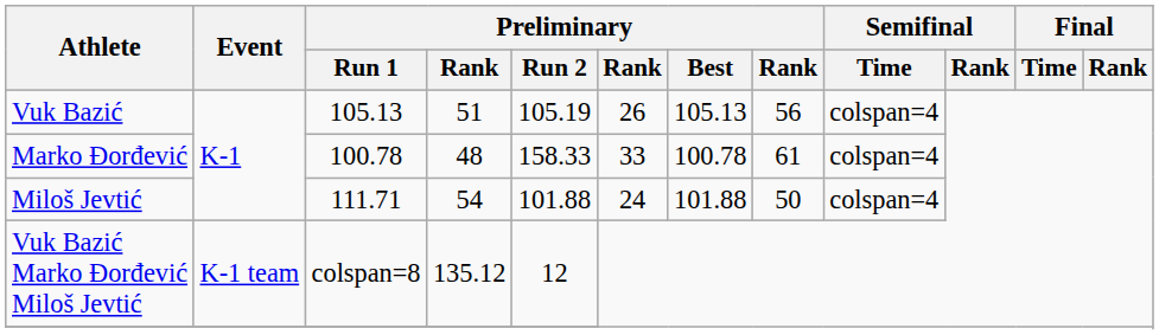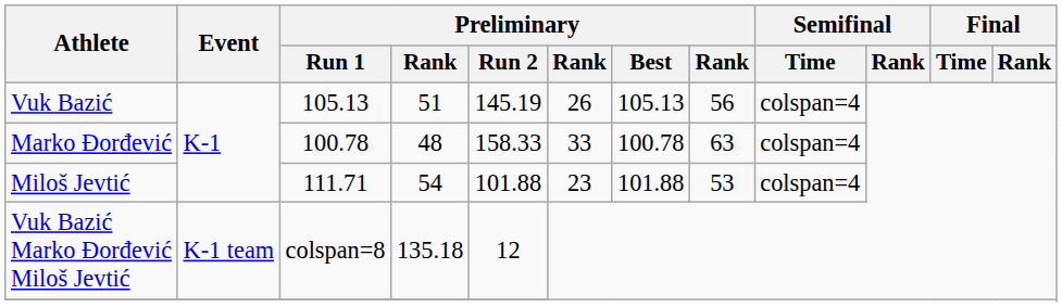 <table class=wikitable style=font-size:90%;text-align:center>
 <tr>
 <th rowspan=2>Athlete</th>
 <th rowspan=2>Event</th>
 <th colspan=6>Preliminary</th>
 <th colspan=2>Semifinal</th>
 <th colspan=2>Final</th>
 </tr>
 <tr style=font-size:95%>
 <th>Run 1</th>
 <th>Rank</th>
 <th>Run 2</th>
 <th>Rank</th>
 <th>Best</th>
 <th>Rank</th>
 <th>Time</th>
 <th>Rank</th>
 <th>Time</th>
 <th>Rank</th>
 </tr>
 <tr>
 <td align=left><a href='#'>Vuk Bazić</a></td>
 <td align=left rowspan=3><a href='#'>K-1</a></td>
 <td>105.13</td>
 <td>51</td>
-<td>105.19</td>
+<td>145.19</td>
 <td>26</td>
 <td>105.13</td>
 <td>56</td>
 <td>colspan=4 </td>
 </tr>
 <tr>
 <td align=left><a href='#'>Marko Đorđević</a></td>
 <td>100.78</td>
 <td>48</td>
 <td>158.33</td>
 <td>33</td>
 <td>100.78</td>
-<td>61</td>
+<td>63</td>
 <td>colspan=4 </td>
 </tr>
 <tr>
 <td align=left><a href='#'>Miloš Jevtić</a></td>
 <td>111.71</td>
 <td>54</td>
 <td>101.88</td>
-<td>24</td>
+<td>23</td>
 <td>101.88</td>
-<td>50</td>
+<td>53</td>
 <td>colspan=4 </td>
 </tr>
 <tr>
 <td align=left><a href='#'>Vuk Bazić</a><br><a href='#'>Marko Đorđević</a><br><a href='#'>Miloš Jevtić</a></td>
 <td align=left><a href='#'>K-1 team</a></td>
 <td>colspan=8 </td>
-<td>135.12</td>
+<td>135.18</td>
 <td>12</td>
 </tr>
 <tr>
 </tr>
 </table>
